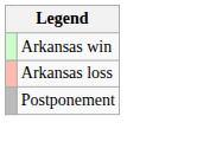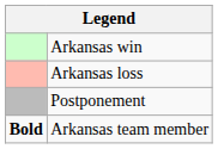 <table class="wikitable" style="font-size:90%">
 <tr>
 <th colspan="2">Legend</th>
 </tr>
 <tr>
 <td bgcolor="#ccffcc"> </td>
 <td>Arkansas win</td>
 </tr>
 <tr>
 <td bgcolor="#ffbbb"> </td>
 <td>Arkansas loss</td>
 </tr>
 <tr>
 <td bgcolor="#bbbbbb"> </td>
 <td>Postponement</td>
 </tr>
+<tr>
+<td><strong>Bold</strong></td>
+<td>Arkansas team member</td>
+</tr>
 </table>
